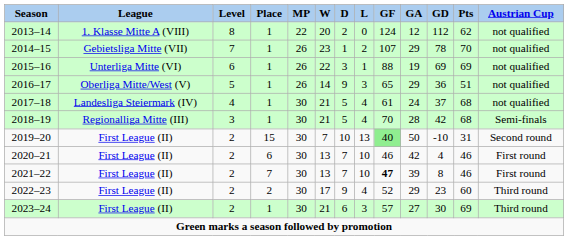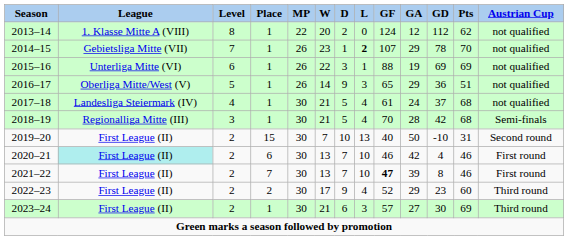 <table class="wikitable" width="800px">
 <tr>
 <th style="background:#ABCDEF;">Season</th>
 <th style="background:#ABCDEF;">League</th>
 <th style="background:#ABCDEF;">Level</th>
 <th style="background:#ABCDEF;">Place</th>
 <th style="background:#ABCDEF;">MP</th>
 <th style="background:#ABCDEF;">W</th>
 <th style="background:#ABCDEF;">D</th>
 <th style="background:#ABCDEF;">L</th>
 <th style="background:#ABCDEF;">GF</th>
 <th style="background:#ABCDEF;">GA</th>
 <th style="background:#ABCDEF;">GD</th>
 <th style="background:#ABCDEF;">Pts</th>
 <th style="background:#ABCDEF;"><a href='#'>Austrian Cup</a></th>
 </tr>
 <tr align="center" style="background:#ccffcc;">
 <td>2013–14</td>
 <td><a href='#'>1. Klasse Mitte A</a> (VIII)</td>
 <td>8</td>
 <td>1</td>
 <td>22</td>
 <td>20</td>
 <td>2</td>
 <td>0</td>
 <td>124</td>
 <td>12</td>
 <td>112</td>
 <td>62</td>
 <td>not qualified</td>
 </tr>
 <tr align="center" style="background:#ccffcc;">
 <td>2014–15</td>
 <td><a href='#'>Gebietsliga Mitte</a> (VII)</td>
 <td>7</td>
 <td>1</td>
 <td>26</td>
 <td>23</td>
 <td>1</td>
-<td>2</td>
+<td><strong>2</strong></td>
 <td>107</td>
 <td>29</td>
 <td>78</td>
 <td>70</td>
 <td>not qualified</td>
 </tr>
 <tr align="center" style="background:#ccffcc;">
 <td>2015–16</td>
 <td><a href='#'>Unterliga Mitte</a> (VI)</td>
 <td>6</td>
 <td>1</td>
 <td>26</td>
 <td>22</td>
 <td>3</td>
 <td>1</td>
 <td>88</td>
 <td>19</td>
 <td>69</td>
 <td>69</td>
 <td>not qualified</td>
 </tr>
 <tr align="center" style="background:#ccffcc;">
 <td>2016–17</td>
 <td><a href='#'>Oberliga Mitte/West</a> (V)</td>
 <td>5</td>
 <td>1</td>
 <td>26</td>
 <td>14</td>
 <td>9</td>
 <td>3</td>
 <td>65</td>
 <td>29</td>
 <td>36</td>
 <td>51</td>
 <td>not qualified</td>
 </tr>
 <tr align="center" style="background:#ccffcc;">
 <td>2017–18</td>
 <td><a href='#'>Landesliga Steiermark</a> (IV)</td>
 <td>4</td>
 <td>1</td>
 <td>30</td>
 <td>21</td>
 <td>5</td>
 <td>4</td>
 <td>61</td>
 <td>24</td>
 <td>37</td>
 <td>68</td>
 <td>not qualified</td>
 </tr>
 <tr align="center" style="background:#ccffcc;">
 <td>2018–19</td>
 <td><a href='#'>Regionalliga Mitte</a> (III)</td>
 <td>3</td>
 <td>1</td>
 <td>30</td>
 <td>21</td>
 <td>5</td>
 <td>4</td>
 <td>70</td>
 <td>28</td>
 <td>42</td>
 <td>68</td>
 <td>Semi-finals</td>
 </tr>
 <tr align="center">
 <td>2019–20</td>
 <td><a href='#'>First League</a> (II)</td>
 <td>2</td>
 <td>15</td>
 <td>30</td>
 <td>7</td>
 <td>10</td>
 <td>13</td>
-<td style="background: lightgreen;">40</td>
+<td>40</td>
 <td>50</td>
 <td>-10</td>
 <td>31</td>
 <td>Second round</td>
 </tr>
 <tr align="center">
 <td>2020–21</td>
-<td><a href='#'>First League</a> (II)</td>
+<td style="background: paleturquoise;"><a href='#'>First League</a> (II)</td>
 <td>2</td>
 <td>6</td>
 <td>30</td>
 <td>13</td>
 <td>7</td>
 <td>10</td>
 <td>46</td>
 <td>42</td>
 <td>4</td>
 <td>46</td>
 <td>First round</td>
 </tr>
 <tr align="center">
 <td>2021–22</td>
 <td><a href='#'>First League</a> (II)</td>
 <td>2</td>
 <td>7</td>
 <td>30</td>
 <td>13</td>
 <td>7</td>
 <td>10</td>
 <td><strong>47</strong></td>
 <td>39</td>
 <td>8</td>
 <td>46</td>
 <td>First round</td>
 </tr>
 <tr align="center">
 <td>2022–23</td>
 <td><a href='#'>First League</a> (II)</td>
 <td>2</td>
 <td>2</td>
 <td>30</td>
 <td>17</td>
 <td>9</td>
 <td>4</td>
 <td>52</td>
 <td>29</td>
 <td>23</td>
 <td>60</td>
 <td>Third round</td>
 </tr>
 <tr align="center" style="background:#ccffcc;">
 <td>2023–24</td>
 <td><a href='#'>First League</a> (II)</td>
 <td>2</td>
 <td>1</td>
 <td>30</td>
 <td>21</td>
 <td>6</td>
 <td>3</td>
 <td>57</td>
 <td>27</td>
 <td>30</td>
 <td>69</td>
 <td>Third round</td>
 </tr>
 <tr>
 <td colspan="13" align="center"><strong>Green marks a season followed by promotion</strong></td>
 </tr>
 </table>
